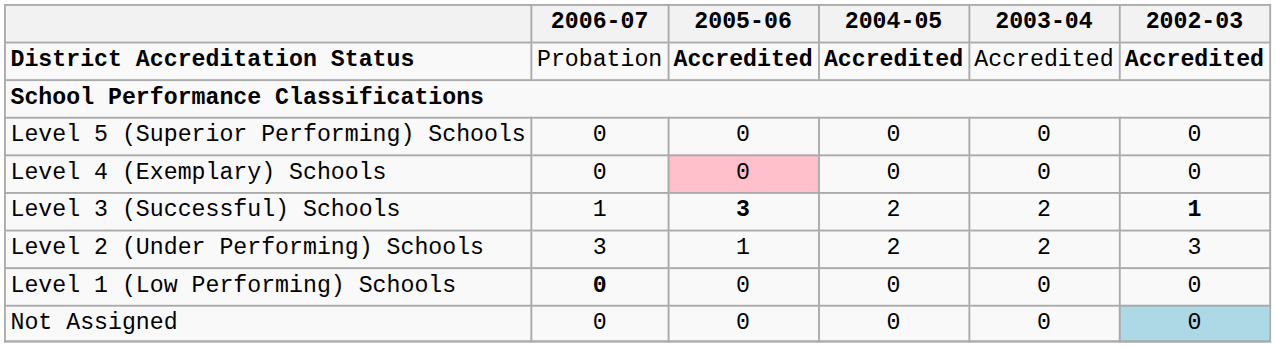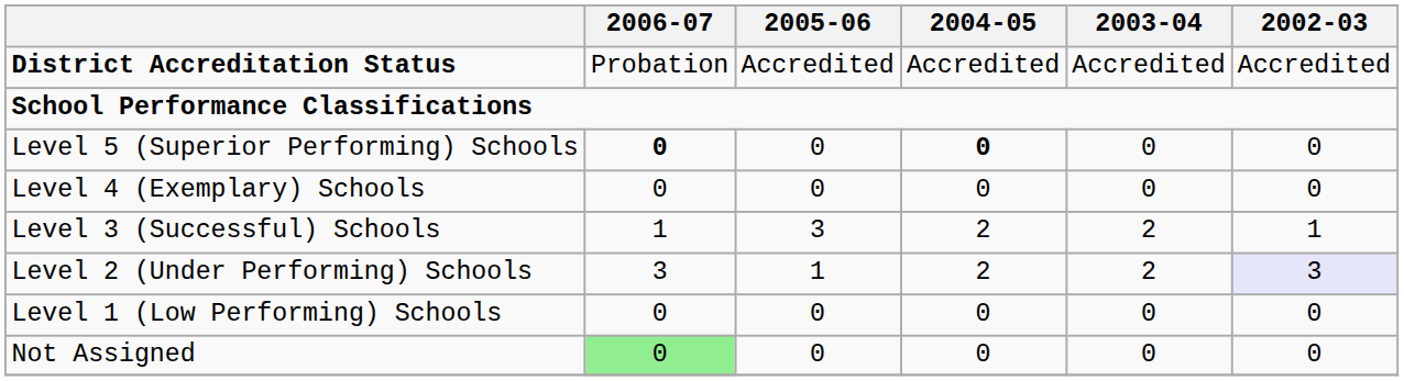 <table class="wikitable" style="font-size: 95%;">
 <tr>
 <th></th>
 <th>2006-07</th>
 <th>2005-06</th>
 <th>2004-05</th>
 <th>2003-04</th>
 <th>2002-03</th>
 </tr>
 <tr>
 <td align="left"><strong>District Accreditation Status</strong></td>
 <td align="center">Probation</td>
-<td align="center"><strong>Accredited</strong></td>
-<td align="center"><strong>Accredited</strong></td>
 <td align="center">Accredited</td>
-<td align="center"><strong>Accredited</strong></td>
+<td align="center">Accredited</td>
+<td align="center">Accredited</td>
+<td align="center">Accredited</td>
 </tr>
 <tr>
 <td align="left" colspan="6"><strong>School Performance Classifications</strong></td>
 </tr>
 <tr>
 <td align="left">Level 5 (Superior Performing) Schools</td>
+<td align="center"><strong>0</strong></td>
+<td align="center">0</td>
+<td align="center"><strong>0</strong></td>
+<td align="center">0</td>
+<td align="center">0</td>
+</tr>
+<tr>
+<td align="left">Level 4 (Exemplary) Schools</td>
 <td align="center">0</td>
 <td align="center">0</td>
 <td align="center">0</td>
 <td align="center">0</td>
 <td align="center">0</td>
 </tr>
 <tr>
-<td align="left">Level 4 (Exemplary) Schools</td>
-<td align="center">0</td>
-<td align="center" style="background: pink;">0</td>
-<td align="center">0</td>
-<td align="center">0</td>
-<td align="center">0</td>
-</tr>
-<tr>
 <td align="left">Level 3 (Successful) Schools</td>
 <td align="center">1</td>
-<td align="center"><strong>3</strong></td>
+<td align="center">3</td>
 <td align="center">2</td>
 <td align="center">2</td>
-<td align="center"><strong>1</strong></td>
+<td align="center">1</td>
 </tr>
 <tr>
 <td align="left">Level 2 (Under Performing) Schools</td>
 <td align="center">3</td>
 <td align="center">1</td>
 <td align="center">2</td>
 <td align="center">2</td>
-<td align="center">3</td>
+<td align="center" style="background: lavender;">3</td>
 </tr>
 <tr>
 <td align="left">Level 1 (Low Performing) Schools</td>
-<td align="center"><strong>0</strong></td>
+<td align="center">0</td>
 <td align="center">0</td>
 <td align="center">0</td>
 <td align="center">0</td>
 <td align="center">0</td>
 </tr>
 <tr>
 <td align="left">Not Assigned</td>
+<td align="center" style="background: lightgreen;">0</td>
 <td align="center">0</td>
 <td align="center">0</td>
 <td align="center">0</td>
 <td align="center">0</td>
-<td align="center" style="background: lightblue;">0</td>
 </tr>
 <tr>
 </tr>
 </table>
